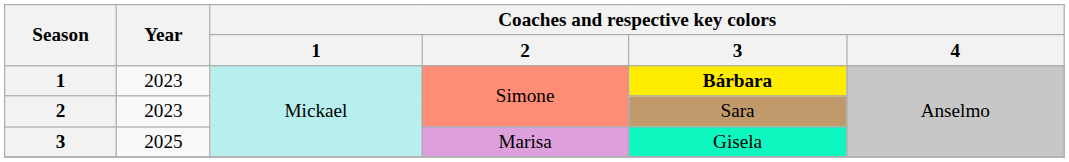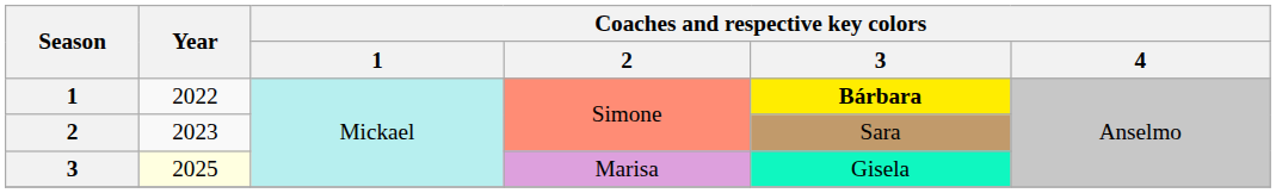 <table class="wikitable" style="text-align:center; width:100%">
 <tr>
 <th width="2%" rowspan="2">Season</th>
 <th width="2%" rowspan="2">Year</th>
 <th colspan="4">Coaches and respective key colors</th>
 </tr>
 <tr>
 <th width="6%">1</th>
 <th width="6%">2</th>
 <th width="6%">3</th>
 <th width="6%">4</th>
 </tr>
 <tr>
 <th>1</th>
-<td>2023</td>
+<td>2022</td>
 <td rowspan="3" style="background:#b7efef">Mickael</td>
 <td rowspan="2" style="background:#ff8c75">Simone</td>
 <td style="background:#ffed00"><strong>Bárbara</strong></td>
 <td rowspan="3" style="background:#c7c7c7">Anselmo</td>
 </tr>
 <tr>
 <th>2</th>
 <td>2023</td>
 <td style="background:#C19A6B">Sara</td>
 </tr>
 <tr>
 <th>3</th>
-<td>2025</td>
+<td style="background: lightyellow;">2025</td>
 <td style="background:#dda0dd">Marisa</td>
 <td style="background:#0ff7c0">Gisela</td>
 </tr>
 <tr>
 </tr>
 </table>
